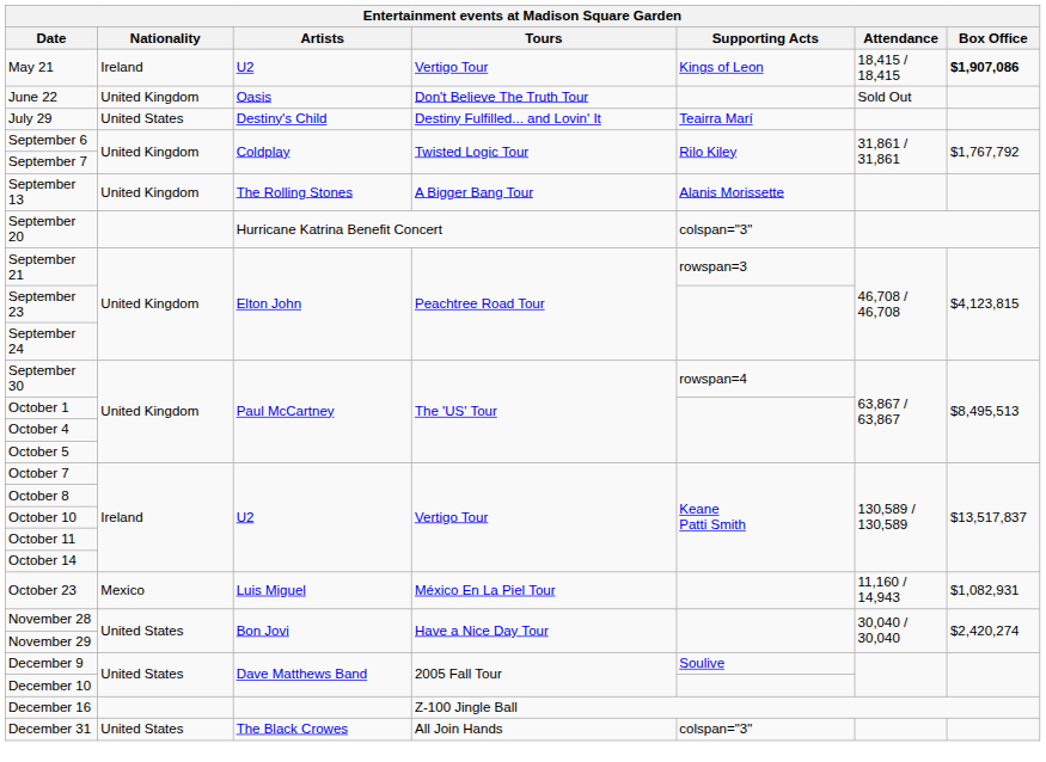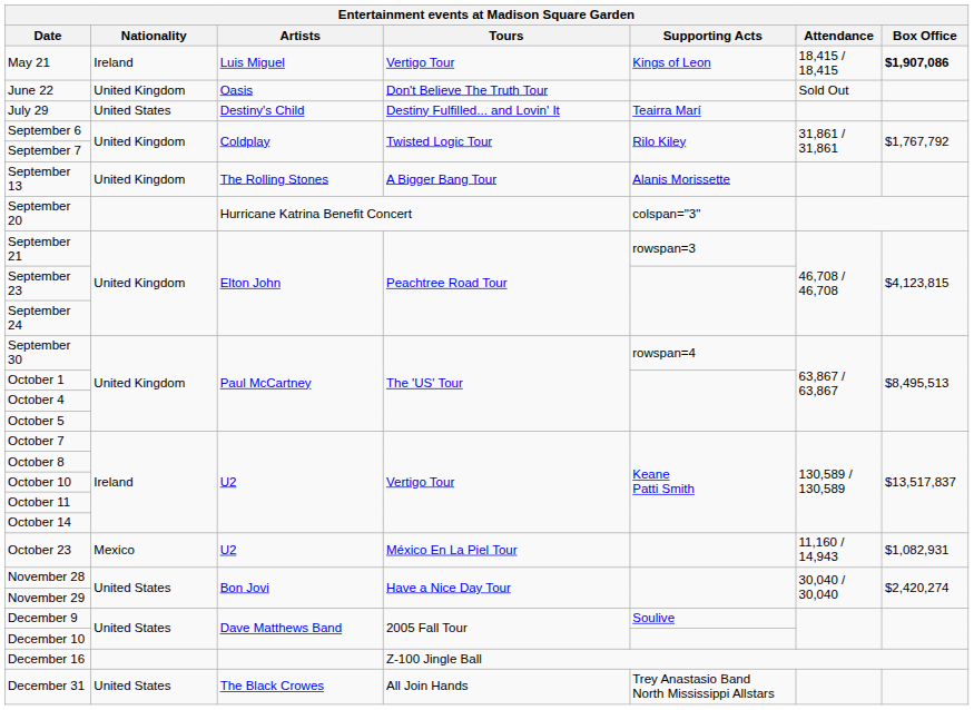 <table class="wikitable">
 <tr>
 <th colspan="7">Entertainment events at Madison Square Garden</th>
 </tr>
 <tr>
 <th width=100>Date</th>
 <th width=150>Nationality</th>
 <th width=200>Artists</th>
 <th width=300>Tours</th>
 <th width=200>Supporting Acts</th>
 <th width=100>Attendance</th>
 <th width=100>Box Office</th>
 </tr>
 <tr>
 <td>May 21</td>
 <td>Ireland</td>
-<td><a href='#'>U2</a></td>
+<td><a href='#'>Luis Miguel</a></td>
 <td><a href='#'>Vertigo Tour</a></td>
 <td><a href='#'>Kings of Leon</a></td>
 <td>18,415 / 18,415</td>
 <td><strong>$1,907,086</strong></td>
 </tr>
 <tr>
 <td>June 22</td>
 <td>United Kingdom</td>
 <td><a href='#'>Oasis</a></td>
 <td><a href='#'>Don't Believe The Truth Tour</a></td>
 <td></td>
 <td>Sold Out</td>
 <td></td>
 </tr>
 <tr>
 <td>July 29</td>
 <td>United States</td>
 <td><a href='#'>Destiny's Child</a></td>
 <td><a href='#'>Destiny Fulfilled... and Lovin' It</a></td>
 <td><a href='#'>Teairra Marí</a></td>
 <td></td>
 <td></td>
 </tr>
 <tr>
 <td>September 6</td>
 <td rowspan=2>United Kingdom</td>
 <td rowspan=2><a href='#'>Coldplay</a></td>
 <td rowspan=2><a href='#'>Twisted Logic Tour</a></td>
 <td rowspan=2><a href='#'>Rilo Kiley</a></td>
 <td rowspan=2>31,861 / 31,861</td>
 <td rowspan=2>$1,767,792</td>
 </tr>
 <tr>
 <td>September 7</td>
 </tr>
 <tr>
 <td>September 13</td>
 <td>United Kingdom</td>
 <td><a href='#'>The Rolling Stones</a></td>
 <td><a href='#'>A Bigger Bang Tour</a></td>
 <td><a href='#'>Alanis Morissette</a></td>
 <td></td>
 <td></td>
 </tr>
 <tr>
 <td>September 20</td>
 <td></td>
 <td colspan="2">Hurricane Katrina Benefit Concert</td>
 <td>colspan="3" </td>
 </tr>
 <tr>
 <td>September 21</td>
 <td rowspan=3>United Kingdom</td>
 <td rowspan=3><a href='#'>Elton John</a></td>
 <td rowspan=3><a href='#'>Peachtree Road Tour</a></td>
 <td>rowspan=3</td>
 <td rowspan=3>46,708 / 46,708</td>
 <td rowspan=3>$4,123,815</td>
 </tr>
 <tr>
 <td>September 23</td>
 </tr>
 <tr>
 <td>September 24</td>
 </tr>
 <tr>
 <td>September 30</td>
 <td rowspan=4>United Kingdom</td>
 <td rowspan=4><a href='#'>Paul McCartney</a></td>
 <td rowspan=4><a href='#'>The 'US' Tour</a></td>
 <td>rowspan=4</td>
 <td rowspan=4>63,867 / 63,867</td>
 <td rowspan=4>$8,495,513</td>
 </tr>
 <tr>
 <td>October 1</td>
 </tr>
 <tr>
 <td>October 4</td>
 </tr>
 <tr>
 <td>October 5</td>
 </tr>
 <tr>
 <td>October 7</td>
 <td rowspan=5>Ireland</td>
 <td rowspan=5><a href='#'>U2</a></td>
 <td rowspan=5><a href='#'>Vertigo Tour</a></td>
 <td rowspan=5><a href='#'>Keane</a><br><a href='#'>Patti Smith</a></td>
 <td rowspan=5>130,589 / 130,589</td>
 <td rowspan=5>$13,517,837</td>
 </tr>
 <tr>
 <td>October 8</td>
 </tr>
 <tr>
 <td>October 10</td>
 </tr>
 <tr>
 <td>October 11</td>
 </tr>
 <tr>
 <td>October 14</td>
 </tr>
 <tr>
 <td>October 23</td>
 <td>Mexico</td>
-<td><a href='#'>Luis Miguel</a></td>
+<td><a href='#'>U2</a></td>
 <td><a href='#'>México En La Piel Tour</a></td>
 <td></td>
 <td>11,160 / 14,943</td>
 <td>$1,082,931</td>
 </tr>
 <tr>
 <td>November 28</td>
 <td rowspan=2>United States</td>
 <td rowspan=2><a href='#'>Bon Jovi</a></td>
 <td rowspan=2><a href='#'>Have a Nice Day Tour</a></td>
 <td rowspan=2></td>
 <td rowspan=2>30,040 / 30,040</td>
 <td rowspan=2>$2,420,274</td>
 </tr>
 <tr>
 <td>November 29</td>
 </tr>
 <tr>
 <td>December 9</td>
 <td rowspan=2>United States</td>
 <td rowspan=2><a href='#'>Dave Matthews Band</a></td>
 <td rowspan=2>2005 Fall Tour</td>
 <td><a href='#'>Soulive</a></td>
 <td rowspan=2></td>
 <td rowspan=2></td>
 </tr>
 <tr>
 <td>December 10</td>
 </tr>
 <tr>
 <td>December 16</td>
 <td></td>
 <td></td>
 <td colspan="4">Z-100 Jingle Ball</td>
 </tr>
 <tr>
 <td>December 31</td>
 <td>United States</td>
 <td><a href='#'>The Black Crowes</a></td>
 <td>All Join Hands</td>
-<td>colspan="3" </td>
+<td>Trey Anastasio Band<br>North Mississippi Allstars</td>
 <td></td>
 <td></td>
 </tr>
 </table>
